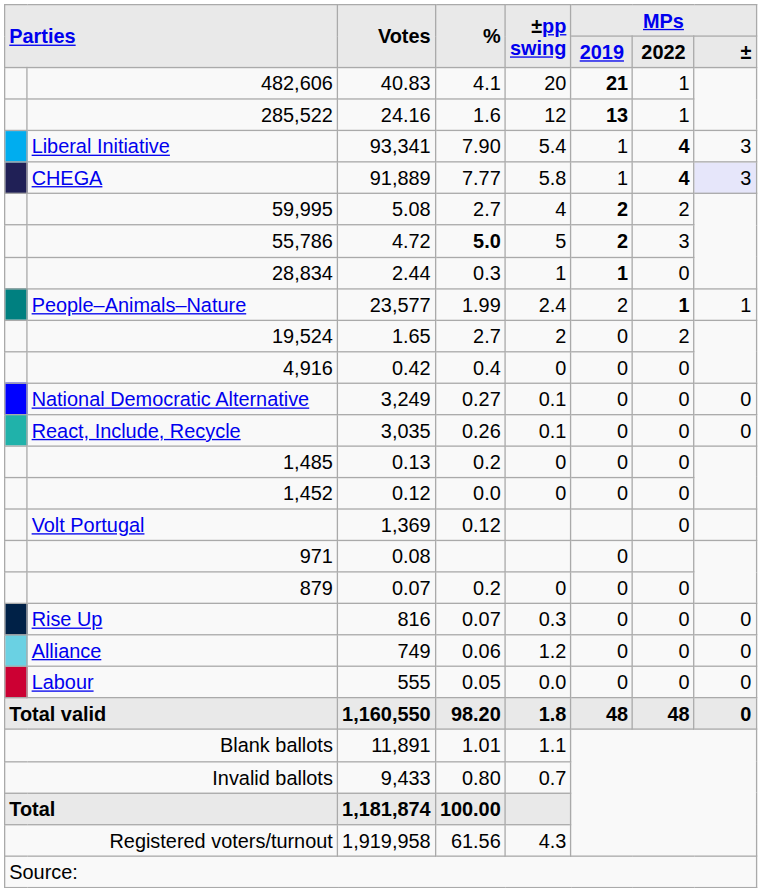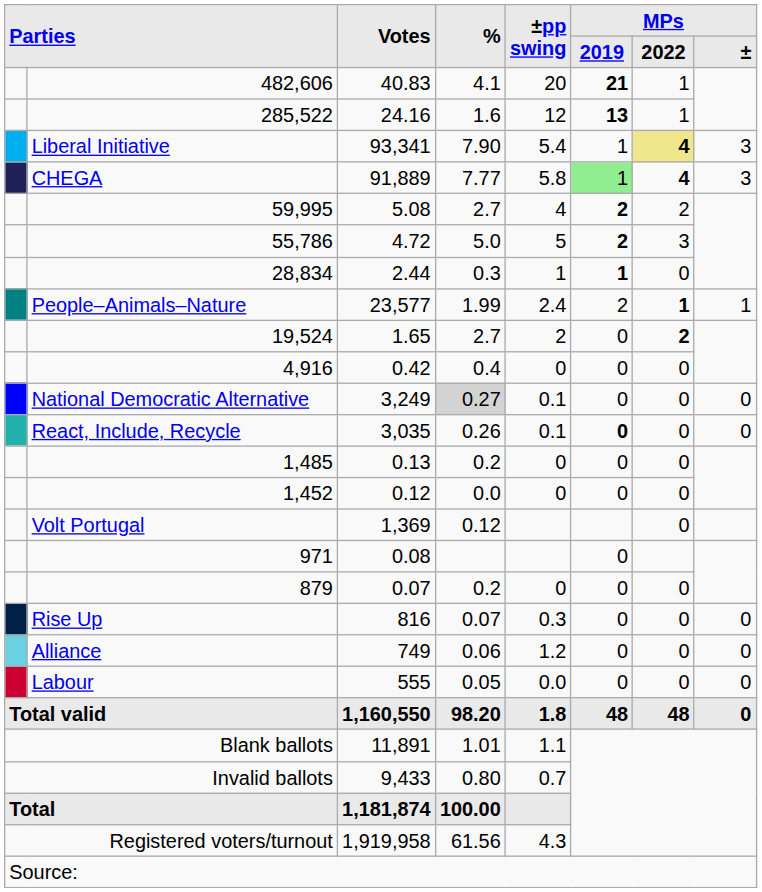 <table class="wikitable" style="text-align:right; font-size:95%;">
 <tr>
 <th rowspan="2" colspan="2" style="background:#e9e9e9; text-align:left;" alignleft><a href='#'>Parties</a></th>
 <th rowspan="2" style="background:#e9e9e9; text-align:right;">Votes</th>
 <th rowspan="2" style="background:#e9e9e9; text-align:right;">%</th>
 <th rowspan="2" style="background:#e9e9e9; text-align:right;">±<a href='#'>pp</a> <a href='#'>swing</a></th>
 <th colspan="3" style="background:#e9e9e9; text-align:center;"><a href='#'>MPs</a></th>
 </tr>
 <tr style="background-color:#E9E9E9">
 <th style="background-color:#E9E9E9;text-align:center;"><a href='#'>2019</a></th>
 <th style="background-color:#E9E9E9;text-align:center;">2022</th>
 <th style="background:#e9e9e9; text-align:right;">±</th>
 </tr>
 <tr>
 <td></td>
 <td>482,606</td>
 <td>40.83</td>
 <td>4.1</td>
 <td>20</td>
 <td><strong>21</strong></td>
 <td>1</td>
 </tr>
 <tr>
 <td></td>
 <td>285,522</td>
 <td>24.16</td>
 <td>1.6</td>
 <td>12</td>
 <td><strong>13</strong></td>
 <td>1</td>
 </tr>
 <tr>
 <td style="width: 10px" bgcolor="#00ADEF" align="center"></td>
 <td align="left"><a href='#'>Liberal Initiative</a></td>
 <td>93,341</td>
 <td>7.90</td>
 <td>5.4</td>
 <td>1</td>
-<td><strong>4</strong></td>
+<td style="background: khaki;"><strong>4</strong></td>
 <td>3</td>
 </tr>
 <tr>
 <td style="width: 10px" bgcolor="#202056" align="center"></td>
 <td align="left"><a href='#'>CHEGA</a></td>
 <td>91,889</td>
 <td>7.77</td>
 <td>5.8</td>
-<td>1</td>
+<td style="background: lightgreen;">1</td>
 <td><strong>4</strong></td>
-<td style="background: lavender;">3</td>
+<td>3</td>
 </tr>
 <tr>
 <td></td>
 <td>59,995</td>
 <td>5.08</td>
 <td>2.7</td>
 <td>4</td>
 <td><strong>2</strong></td>
 <td>2</td>
 </tr>
 <tr>
 <td></td>
 <td>55,786</td>
 <td>4.72</td>
-<td><strong>5.0</strong></td>
+<td>5.0</td>
 <td>5</td>
 <td><strong>2</strong></td>
 <td>3</td>
 </tr>
 <tr>
 <td></td>
 <td>28,834</td>
 <td>2.44</td>
 <td>0.3</td>
 <td>1</td>
 <td><strong>1</strong></td>
 <td>0</td>
 </tr>
 <tr>
 <td style="width: 10px" bgcolor="teal" align="center"></td>
 <td align="left"><a href='#'>People–Animals–Nature</a></td>
 <td>23,577</td>
 <td>1.99</td>
 <td>2.4</td>
 <td>2</td>
 <td><strong>1</strong></td>
 <td>1</td>
 </tr>
 <tr>
 <td></td>
 <td>19,524</td>
 <td>1.65</td>
 <td>2.7</td>
 <td>2</td>
 <td>0</td>
-<td>2</td>
+<td><strong>2</strong></td>
 </tr>
 <tr>
 <td></td>
 <td>4,916</td>
 <td>0.42</td>
 <td>0.4</td>
 <td>0</td>
 <td>0</td>
 <td>0</td>
 </tr>
 <tr>
 <td style="width: 10px" bgcolor="blue" align="center"></td>
 <td align="left"><a href='#'>National Democratic Alternative</a></td>
 <td>3,249</td>
-<td>0.27</td>
+<td style="background: lightgrey;">0.27</td>
 <td>0.1</td>
 <td>0</td>
 <td>0</td>
 <td>0</td>
 </tr>
 <tr>
 <td style="width: 10px" bgcolor="LightSeaGreen" align="center"></td>
 <td align="left"><a href='#'>React, Include, Recycle</a></td>
 <td>3,035</td>
 <td>0.26</td>
 <td>0.1</td>
-<td>0</td>
+<td><strong>0</strong></td>
 <td>0</td>
 <td>0</td>
 </tr>
 <tr>
 <td></td>
 <td>1,485</td>
 <td>0.13</td>
 <td>0.2</td>
 <td>0</td>
 <td>0</td>
 <td>0</td>
 </tr>
 <tr>
 <td></td>
 <td>1,452</td>
 <td>0.12</td>
 <td>0.0</td>
 <td>0</td>
 <td>0</td>
 <td>0</td>
 </tr>
 <tr>
 <td style="width: 10px"></td>
 <td align="left"><a href='#'>Volt Portugal</a></td>
 <td>1,369</td>
 <td>0.12</td>
 <td></td>
 <td></td>
 <td>0</td>
 <td></td>
 </tr>
 <tr>
 <td></td>
 <td>971</td>
 <td>0.08</td>
 <td></td>
 <td></td>
 <td>0</td>
 <td></td>
 </tr>
 <tr>
 <td></td>
 <td>879</td>
 <td>0.07</td>
 <td>0.2</td>
 <td>0</td>
 <td>0</td>
 <td>0</td>
 </tr>
 <tr>
 <td style="width: 10px" bgcolor="#002147" align="center"></td>
 <td align="left"><a href='#'>Rise Up</a></td>
 <td>816</td>
 <td>0.07</td>
 <td>0.3</td>
 <td>0</td>
 <td>0</td>
 <td>0</td>
 </tr>
 <tr>
 <td style="width: 10px" bgcolor="#6AD1E3" align="center"></td>
 <td align="left"><a href='#'>Alliance</a></td>
 <td>749</td>
 <td>0.06</td>
 <td>1.2</td>
 <td>0</td>
 <td>0</td>
 <td>0</td>
 </tr>
 <tr>
 <td style="width: 10px" bgcolor="#CC0033" align="center"></td>
 <td align="left"><a href='#'>Labour</a></td>
 <td>555</td>
 <td>0.05</td>
 <td>0.0</td>
 <td>0</td>
 <td>0</td>
 <td>0</td>
 </tr>
 <tr>
 <td colspan=2 width="247" align=left style="background-color:#E9E9E9"><strong>Total valid</strong></td>
 <td width="65" align="right" style="background-color:#E9E9E9"><strong>1,160,550</strong></td>
 <td width="40" align="right" style="background-color:#E9E9E9"><strong>98.20</strong></td>
 <td width="40" align="right" style="background-color:#E9E9E9"><strong>1.8</strong></td>
 <td width="40" align="right" style="background-color:#E9E9E9"><strong>48</strong></td>
 <td width="40" align="right" style="background-color:#E9E9E9"><strong>48</strong></td>
 <td width="40" align="right" style="background-color:#E9E9E9"><strong>0</strong></td>
 </tr>
 <tr>
 <td colspan=2>Blank ballots</td>
 <td>11,891</td>
 <td>1.01</td>
 <td>1.1</td>
 <td colspan=4 rowspan=4></td>
 </tr>
 <tr>
 <td colspan=2>Invalid ballots</td>
 <td>9,433</td>
 <td>0.80</td>
 <td>0.7</td>
 </tr>
 <tr>
 <td colspan=2 align=left style="background-color:#E9E9E9"><strong>Total</strong></td>
 <td width="50" align="right" style="background-color:#E9E9E9"><strong>1,181,874</strong></td>
 <td width="40" align="right" style="background-color:#E9E9E9"><strong>100.00</strong></td>
 <td width="40" align="right" style="background-color:#E9E9E9"></td>
 </tr>
 <tr>
 <td colspan=2>Registered voters/turnout</td>
 <td>1,919,958</td>
 <td>61.56</td>
 <td>4.3</td>
 </tr>
 <tr>
 <td colspan=11 align=left>Source: </td>
 </tr>
 </table>
